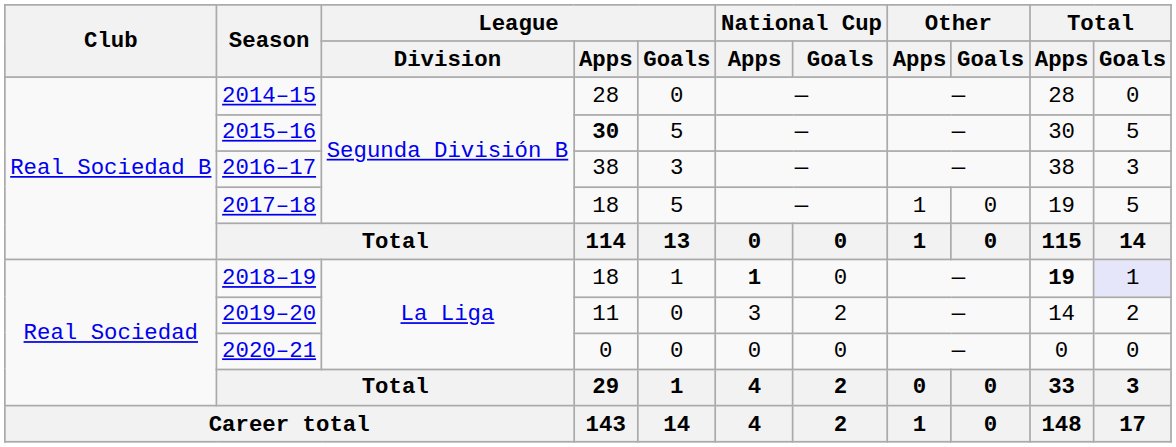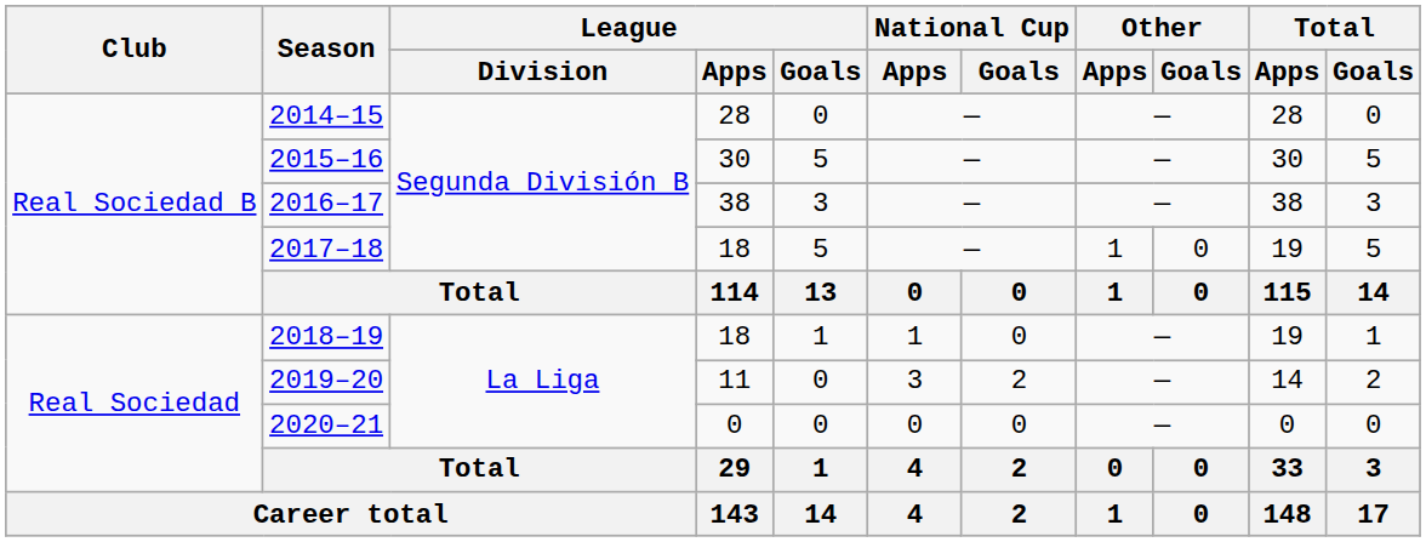 <table class="wikitable" style="text-align:center">
 <tr>
 <th rowspan="2">Club</th>
 <th rowspan="2">Season</th>
 <th colspan="3">League</th>
 <th colspan="2">National Cup</th>
 <th colspan="2">Other</th>
 <th colspan="2">Total</th>
 </tr>
 <tr>
 <th>Division</th>
 <th>Apps</th>
 <th>Goals</th>
 <th>Apps</th>
 <th>Goals</th>
 <th>Apps</th>
 <th>Goals</th>
 <th>Apps</th>
 <th>Goals</th>
 </tr>
 <tr>
 <td rowspan="5"><a href='#'>Real Sociedad B</a></td>
 <td><a href='#'>2014–15</a></td>
 <td rowspan="4"><a href='#'>Segunda División B</a></td>
 <td>28</td>
 <td>0</td>
 <td colspan="2">—</td>
 <td colspan="2">—</td>
 <td>28</td>
 <td>0</td>
 </tr>
 <tr>
 <td><a href='#'>2015–16</a></td>
-<td><strong>30</strong></td>
+<td>30</td>
 <td>5</td>
 <td colspan="2">—</td>
 <td colspan="2">—</td>
 <td>30</td>
 <td>5</td>
 </tr>
 <tr>
 <td><a href='#'>2016–17</a></td>
 <td>38</td>
 <td>3</td>
 <td colspan="2">—</td>
 <td colspan="2">—</td>
 <td>38</td>
 <td>3</td>
 </tr>
 <tr>
 <td><a href='#'>2017–18</a></td>
 <td>18</td>
 <td>5</td>
 <td colspan="2">—</td>
 <td>1</td>
 <td>0</td>
 <td>19</td>
 <td>5</td>
 </tr>
 <tr>
 <th colspan="2">Total</th>
 <th>114</th>
 <th>13</th>
 <th>0</th>
 <th>0</th>
 <th>1</th>
 <th>0</th>
 <th>115</th>
 <th>14</th>
 </tr>
 <tr>
 <td rowspan="4"><a href='#'>Real Sociedad</a></td>
 <td><a href='#'>2018–19</a></td>
 <td rowspan="3"><a href='#'>La Liga</a></td>
 <td>18</td>
 <td>1</td>
-<td><strong>1</strong></td>
+<td>1</td>
 <td>0</td>
 <td colspan="2">—</td>
-<td><strong>19</strong></td>
-<td style="background: lavender;">1</td>
+<td>19</td>
+<td>1</td>
 </tr>
 <tr>
 <td><a href='#'>2019–20</a></td>
 <td>11</td>
 <td>0</td>
 <td>3</td>
 <td>2</td>
 <td colspan="2">—</td>
 <td>14</td>
 <td>2</td>
 </tr>
 <tr>
 <td><a href='#'>2020–21</a></td>
 <td>0</td>
 <td>0</td>
 <td>0</td>
 <td>0</td>
 <td colspan="2">—</td>
 <td>0</td>
 <td>0</td>
 </tr>
 <tr>
 <th colspan="2">Total</th>
 <th>29</th>
 <th>1</th>
 <th>4</th>
 <th>2</th>
 <th>0</th>
 <th>0</th>
 <th>33</th>
 <th>3</th>
 </tr>
 <tr>
 <th colspan="3">Career total</th>
 <th>143</th>
 <th>14</th>
 <th>4</th>
 <th>2</th>
 <th>1</th>
 <th>0</th>
 <th>148</th>
 <th>17</th>
 </tr>
 </table>
